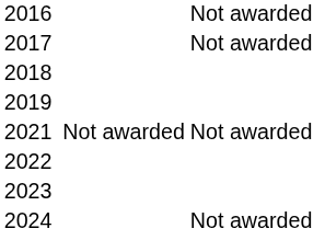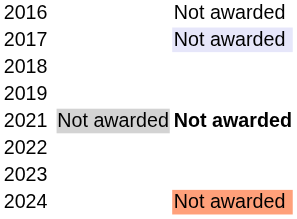 <table>
 <tr>
 <td align="center">2016</td>
 <td></td>
 <td></td>
 <td>Not awarded</td>
 </tr>
 <tr>
 <td align="center">2017</td>
 <td></td>
 <td></td>
-<td>Not awarded</td>
+<td style="background: lavender;">Not awarded</td>
 </tr>
 <tr>
 <td align="center">2018</td>
 <td></td>
 <td></td>
 <td></td>
 </tr>
 <tr>
 <td align="center">2019</td>
 <td></td>
 <td></td>
 <td></td>
 </tr>
 <tr>
 <td align="center">2021</td>
 <td></td>
-<td>Not awarded</td>
-<td>Not awarded</td>
+<td style="background: lightgrey;">Not awarded</td>
+<td><strong>Not awarded</strong></td>
 </tr>
 <tr>
 <td align="center">2022</td>
 <td></td>
 <td></td>
 <td></td>
 </tr>
 <tr>
 <td align="center">2023</td>
 <td></td>
 <td></td>
 <td></td>
 </tr>
 <tr>
 <td align="center">2024</td>
 <td></td>
 <td></td>
-<td>Not awarded</td>
+<td style="background: lightsalmon;">Not awarded</td>
 </tr>
 </table>
